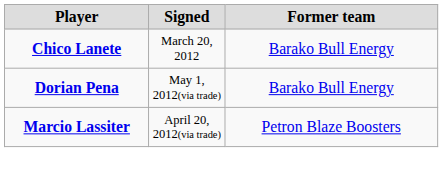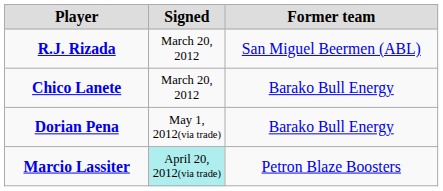 <table class="wikitable" style="text-align: center">
 <tr align="center" bgcolor="#dddddd">
 <td style="width:140px"><strong>Player</strong></td>
 <td style="width:70px"><strong>Signed</strong></td>
 <td style="width:210px"><strong>Former team</strong></td>
+</tr>
+<tr style="height:40px">
+<td><strong><a href='#'>R.J. Rizada</a></strong></td>
+<td style="font-size: 80%">March 20, 2012</td>
+<td><a href='#'>San Miguel Beermen (ABL)</a></td>
 </tr>
 <tr style="height:40px">
 <td><strong><a href='#'>Chico Lanete</a></strong></td>
 <td style="font-size: 80%">March 20, 2012</td>
 <td><a href='#'>Barako Bull Energy</a></td>
 </tr>
 <tr style="height:40px">
 <td><strong><a href='#'>Dorian Pena</a></strong></td>
 <td style="font-size: 80%">May 1, 2012<small>(via trade)</small></td>
 <td><a href='#'>Barako Bull Energy</a></td>
 </tr>
 <tr style="height:40px">
 <td><strong><a href='#'>Marcio Lassiter</a></strong></td>
-<td style="font-size: 80%">April 20, 2012<small>(via trade)</small></td>
+<td style="background: paleturquoise; font-size: 80%">April 20, 2012<small>(via trade)</small></td>
 <td><a href='#'>Petron Blaze Boosters</a></td>
 </tr>
 </table>
